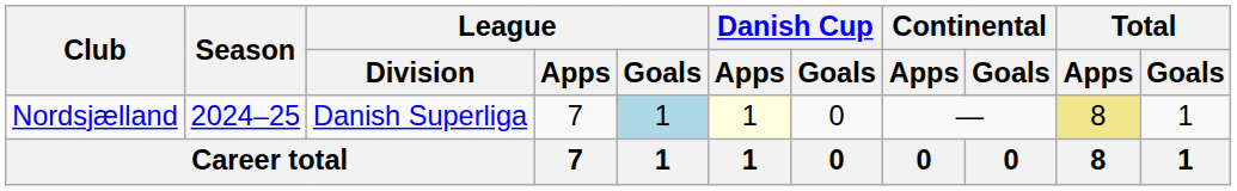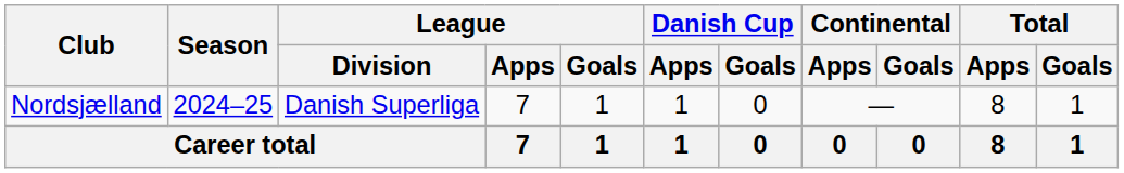 <table class="wikitable" style="text-align: center">
 <tr>
 <th rowspan=2>Club</th>
 <th rowspan=2>Season</th>
 <th colspan=3>League</th>
 <th colspan=2><a href='#'>Danish Cup</a></th>
 <th colspan=2>Continental</th>
 <th colspan=2>Total</th>
 </tr>
 <tr>
 <th>Division</th>
 <th>Apps</th>
 <th>Goals</th>
 <th>Apps</th>
 <th>Goals</th>
 <th>Apps</th>
 <th>Goals</th>
 <th>Apps</th>
 <th>Goals</th>
 </tr>
 <tr>
 <td><a href='#'>Nordsjælland</a></td>
 <td><a href='#'>2024–25</a></td>
 <td><a href='#'>Danish Superliga</a></td>
 <td>7</td>
-<td style="background: lightblue;">1</td>
-<td style="background: lightyellow;">1</td>
+<td>1</td>
+<td>1</td>
 <td>0</td>
 <td colspan="2">—</td>
-<td style="background: khaki;">8</td>
+<td>8</td>
 <td>1</td>
 </tr>
 <tr>
 <th colspan="3">Career total</th>
 <th>7</th>
 <th>1</th>
 <th>1</th>
 <th>0</th>
 <th>0</th>
 <th>0</th>
 <th>8</th>
 <th>1</th>
 </tr>
 </table>
